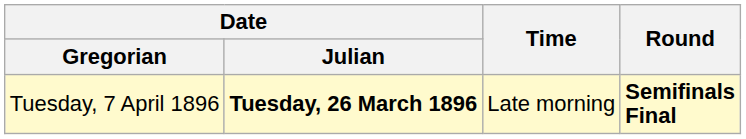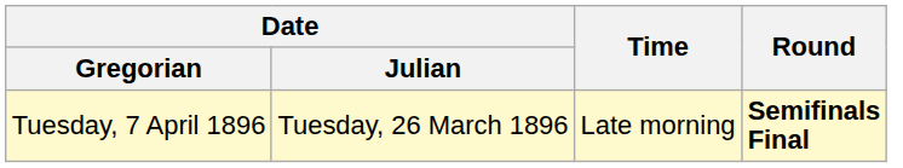 <table class="wikitable">
 <tr>
 <th colspan=2>Date</th>
 <th rowspan=2>Time</th>
 <th rowspan=2>Round</th>
 </tr>
 <tr>
 <th>Gregorian</th>
 <th>Julian</th>
 </tr>
 <tr style=background:lemonchiffon>
 <td>Tuesday, 7 April 1896</td>
-<td><strong>Tuesday, 26 March 1896</strong></td>
+<td>Tuesday, 26 March 1896</td>
 <td>Late morning</td>
 <td><strong>Semifinals</strong><br><strong>Final</strong></td>
 </tr>
 </table>
